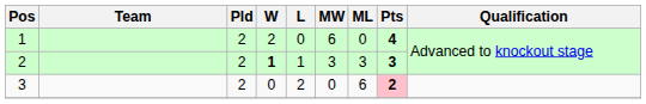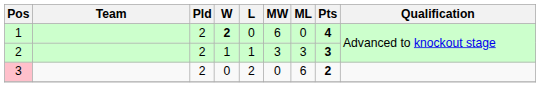 <table class="wikitable" style="text-align:center">
 <tr>
 <th width=25>Pos</th>
 <th width=200>Team</th>
 <th width=25>Pld</th>
 <th width=25>W</th>
 <th width=25>L</th>
 <th width=25>MW</th>
 <th width=25>ML</th>
 <th width=25>Pts</th>
 <th width=250>Qualification</th>
 </tr>
 <tr bgcolor=ccffcc>
 <td>1</td>
 <td style="text-align:left;"></td>
 <td>2</td>
-<td>2</td>
+<td><strong>2</strong></td>
 <td>0</td>
 <td>6</td>
 <td>0</td>
 <td><strong>4</strong></td>
 <td rowspan=2 style="text-align:left;">Advanced to <a href='#'>knockout stage</a></td>
 </tr>
 <tr bgcolor=ccffcc>
 <td>2</td>
 <td style="text-align:left;"></td>
 <td>2</td>
-<td><strong>1</strong></td>
+<td>1</td>
 <td>1</td>
 <td>3</td>
 <td>3</td>
 <td><strong>3</strong></td>
 </tr>
 <tr>
-<td>3</td>
+<td style="background: pink;">3</td>
 <td style="text-align:left;"></td>
 <td>2</td>
 <td>0</td>
 <td>2</td>
 <td>0</td>
 <td>6</td>
-<td style="background: pink;"><strong>2</strong></td>
+<td><strong>2</strong></td>
 <td></td>
 </tr>
 <tr>
 </tr>
 </table>
